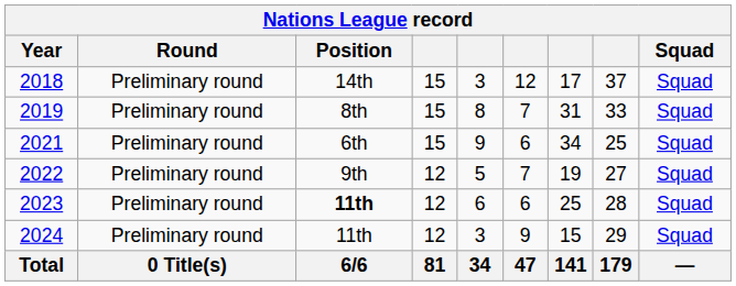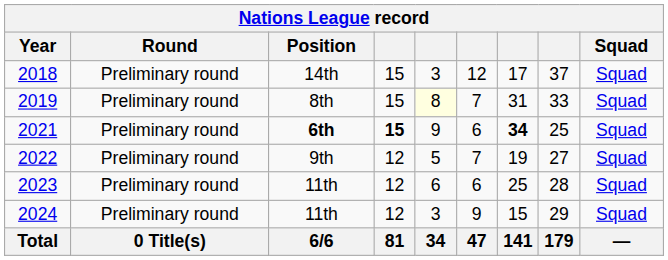 <table class="wikitable" style="text-align: center;font-size:100%; width: 600px;">
 <tr>
 <th colspan=9><a href='#'>Nations League</a> record</th>
 </tr>
 <tr>
 <th>Year</th>
 <th>Round</th>
 <th>Position</th>
 <th width=30></th>
 <th width=30></th>
 <th width=30></th>
 <th width=30></th>
 <th width=30></th>
 <th>Squad</th>
 </tr>
 <tr>
 <td> <a href='#'>2018</a></td>
 <td>Preliminary round</td>
 <td>14th</td>
 <td>15</td>
 <td>3</td>
 <td>12</td>
 <td>17</td>
 <td>37</td>
 <td><a href='#'>Squad</a></td>
 </tr>
 <tr>
 <td> <a href='#'>2019</a></td>
 <td>Preliminary round</td>
 <td>8th</td>
 <td>15</td>
-<td>8</td>
+<td style="background: lightyellow;">8</td>
 <td>7</td>
 <td>31</td>
 <td>33</td>
 <td><a href='#'>Squad</a></td>
 </tr>
 <tr>
 <td> <a href='#'>2021</a></td>
 <td>Preliminary round</td>
-<td>6th</td>
-<td>15</td>
+<td><strong>6th</strong></td>
+<td><strong>15</strong></td>
 <td>9</td>
 <td>6</td>
-<td>34</td>
+<td><strong>34</strong></td>
 <td>25</td>
 <td><a href='#'>Squad</a></td>
 </tr>
 <tr>
 <td> <a href='#'>2022</a></td>
 <td>Preliminary round</td>
 <td>9th</td>
 <td>12</td>
 <td>5</td>
 <td>7</td>
 <td>19</td>
 <td>27</td>
 <td><a href='#'>Squad</a></td>
 </tr>
 <tr>
 <td> <a href='#'>2023</a></td>
 <td>Preliminary round</td>
-<td><strong>11th</strong></td>
+<td>11th</td>
 <td>12</td>
 <td>6</td>
 <td>6</td>
 <td>25</td>
 <td>28</td>
 <td><a href='#'>Squad</a></td>
 </tr>
 <tr>
 <td> <a href='#'>2024</a></td>
 <td>Preliminary round</td>
 <td>11th</td>
 <td>12</td>
 <td>3</td>
 <td>9</td>
 <td>15</td>
 <td>29</td>
 <td><a href='#'>Squad</a></td>
 </tr>
 <tr>
 <th>Total</th>
 <th>0 Title(s)</th>
 <th>6/6</th>
 <th>81</th>
 <th>34</th>
 <th>47</th>
 <th>141</th>
 <th>179</th>
 <th>—</th>
 </tr>
 </table>
